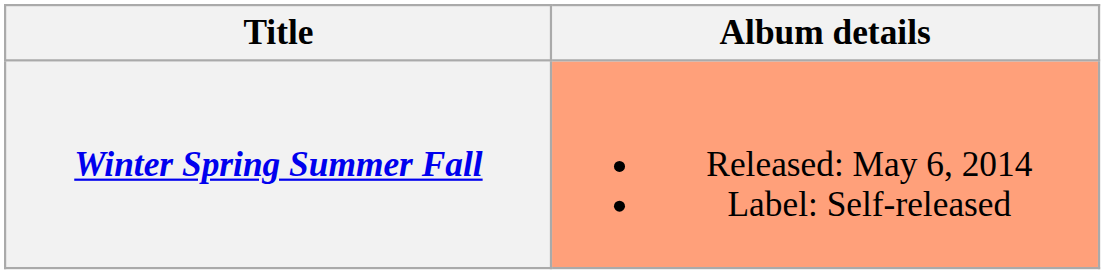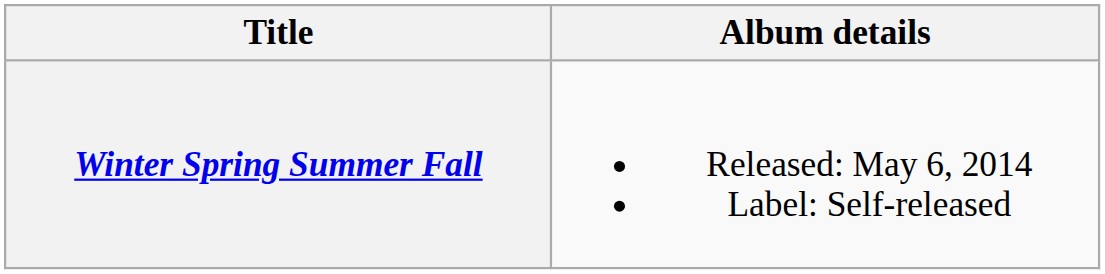 <table class="wikitable plainrowheaders" style="text-align:center;" border="1">
 <tr>
 <th scope="col" style="width:15em;">Title</th>
 <th scope="col" style="width:15em;">Album details</th>
 </tr>
 <tr>
 <th scope="row"><em><a href='#'>Winter Spring Summer Fall</a></em></th>
-<td style="background: lightsalmon;"><br><ul><li>Released: May 6, 2014</li><li>Label: Self-released</li></ul></td>
+<td><br><ul><li>Released: May 6, 2014</li><li>Label: Self-released</li></ul></td>
 </tr>
 </table>
